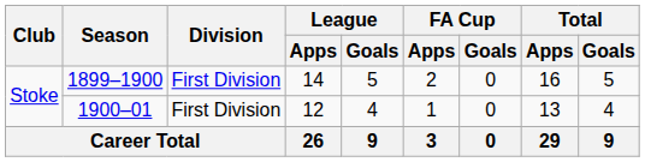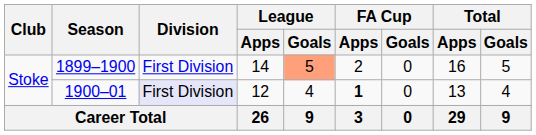 <table class="wikitable" style="text-align: center;">
 <tr>
 <th rowspan="2">Club</th>
 <th rowspan="2">Season</th>
 <th rowspan="2">Division</th>
 <th colspan="2">League</th>
 <th colspan="2">FA Cup</th>
 <th colspan="2">Total</th>
 </tr>
 <tr>
 <th>Apps</th>
 <th>Goals</th>
 <th>Apps</th>
 <th>Goals</th>
 <th>Apps</th>
 <th>Goals</th>
 </tr>
 <tr>
 <td rowspan="2"><a href='#'>Stoke</a></td>
 <td><a href='#'>1899–1900</a></td>
 <td><a href='#'>First Division</a></td>
 <td>14</td>
-<td>5</td>
+<td style="background: lightsalmon;">5</td>
 <td>2</td>
 <td>0</td>
 <td>16</td>
 <td>5</td>
 </tr>
 <tr>
 <td><a href='#'>1900–01</a></td>
-<td>First Division</td>
+<td style="background: lavender;">First Division</td>
 <td>12</td>
 <td>4</td>
-<td>1</td>
+<td><strong>1</strong></td>
 <td>0</td>
 <td>13</td>
 <td>4</td>
 </tr>
 <tr>
 <th colspan="3">Career Total</th>
 <th>26</th>
 <th>9</th>
 <th>3</th>
 <th>0</th>
 <th>29</th>
 <th>9</th>
 </tr>
 </table>
